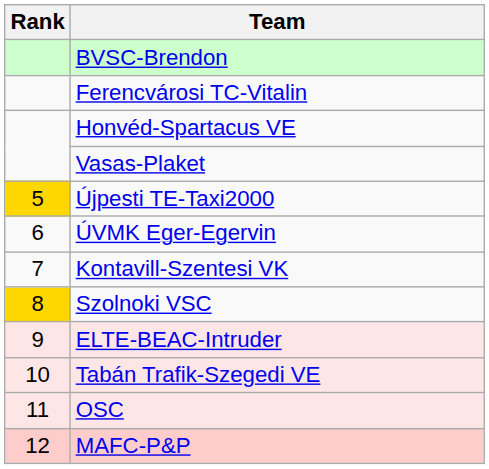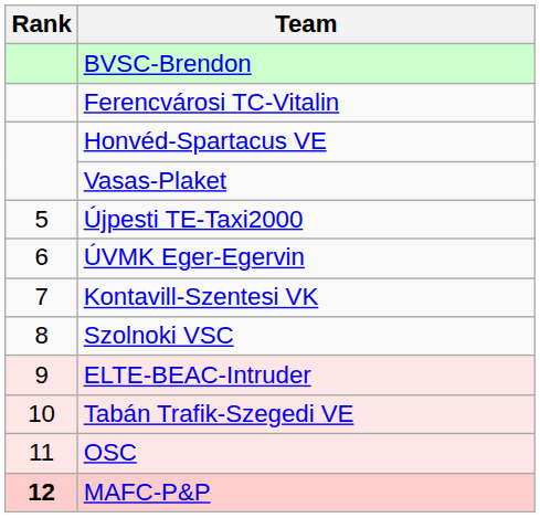 <table class="wikitable">
 <tr>
 <th width=40>Rank</th>
 <th width=290>Team</th>
 </tr>
 <tr bgcolor=#ccffcc>
 <td align="center"></td>
 <td align="left"> <a href='#'>BVSC-Brendon</a></td>
 </tr>
 <tr>
 <td align="center"></td>
 <td align="left"> <a href='#'>Ferencvárosi TC-Vitalin</a></td>
 </tr>
 <tr>
 <td rowspan=2 align="center"></td>
 <td align="left"> <a href='#'>Honvéd-Spartacus VE</a></td>
 </tr>
 <tr>
 <td align="left"> <a href='#'>Vasas-Plaket</a></td>
 </tr>
 <tr>
-<td align="center" style="background: gold;">5</td>
+<td align="center">5</td>
 <td align="left"> <a href='#'>Újpesti TE-Taxi2000</a></td>
 </tr>
 <tr>
 <td align="center">6</td>
 <td align="left"> <a href='#'>ÚVMK Eger-Egervin</a></td>
 </tr>
 <tr>
 <td align="center">7</td>
 <td align="left"> <a href='#'>Kontavill-Szentesi VK</a></td>
 </tr>
 <tr>
-<td align="center" style="background: gold;">8</td>
+<td align="center">8</td>
 <td align="left"> <a href='#'>Szolnoki VSC</a></td>
 </tr>
 <tr bgcolor=#ffe6e6>
 <td align="center">9</td>
 <td align="left"> <a href='#'>ELTE-BEAC-Intruder</a></td>
 </tr>
 <tr bgcolor=#ffe6e6>
 <td align="center">10</td>
 <td align="left"> <a href='#'>Tabán Trafik-Szegedi VE</a></td>
 </tr>
 <tr bgcolor=#ffe6e6>
 <td align="center">11</td>
 <td align="left"> <a href='#'>OSC</a></td>
 </tr>
 <tr bgcolor=#ffcccc>
-<td align="center">12</td>
+<td align="center"><strong>12</strong></td>
 <td align="left"> <a href='#'>MAFC-P&P</a></td>
 </tr>
 </table>
